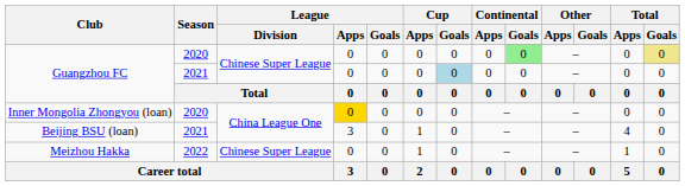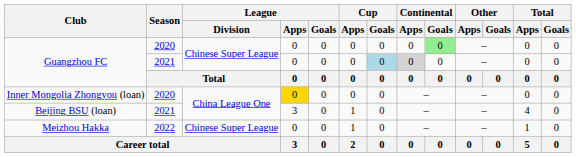 <table class="wikitable" style="text-align: center">
 <tr>
 <th rowspan="2">Club</th>
 <th rowspan="2">Season</th>
 <th colspan="3">League</th>
 <th colspan="2">Cup</th>
 <th colspan="2">Continental</th>
 <th colspan="2">Other</th>
 <th colspan="2">Total</th>
 </tr>
 <tr>
 <th>Division</th>
 <th>Apps</th>
 <th>Goals</th>
 <th>Apps</th>
 <th>Goals</th>
 <th>Apps</th>
 <th>Goals</th>
 <th>Apps</th>
 <th>Goals</th>
 <th>Apps</th>
 <th>Goals</th>
 </tr>
 <tr>
 <td rowspan="3"><a href='#'>Guangzhou FC</a></td>
 <td><a href='#'>2020</a></td>
 <td rowspan="2"><a href='#'>Chinese Super League</a></td>
 <td>0</td>
 <td>0</td>
 <td>0</td>
 <td>0</td>
 <td>0</td>
 <td style="background: lightgreen;">0</td>
 <td colspan="2">–</td>
 <td>0</td>
-<td style="background: khaki;">0</td>
+<td>0</td>
 </tr>
 <tr>
 <td><a href='#'>2021</a></td>
 <td>0</td>
 <td>0</td>
 <td>0</td>
 <td style="background: lightblue;">0</td>
-<td>0</td>
+<td style="background: lightgrey;">0</td>
 <td>0</td>
 <td colspan="2">–</td>
 <td>0</td>
 <td>0</td>
 </tr>
 <tr>
 <th colspan=2>Total</th>
 <th>0</th>
 <th>0</th>
 <th>0</th>
 <th>0</th>
 <th>0</th>
 <th>0</th>
 <th>0</th>
 <th>0</th>
 <th>0</th>
 <th>0</th>
 </tr>
 <tr>
 <td><a href='#'>Inner Mongolia Zhongyou</a> (loan)</td>
 <td><a href='#'>2020</a></td>
 <td rowspan="2"><a href='#'>China League One</a></td>
 <td style="background: gold;">0</td>
 <td>0</td>
 <td>0</td>
 <td>0</td>
 <td colspan="2">–</td>
 <td colspan="2">–</td>
 <td>0</td>
 <td>0</td>
 </tr>
 <tr>
 <td><a href='#'>Beijing BSU</a> (loan)</td>
 <td><a href='#'>2021</a></td>
 <td>3</td>
 <td>0</td>
 <td>1</td>
 <td>0</td>
 <td colspan="2">–</td>
 <td colspan="2">–</td>
 <td>4</td>
 <td>0</td>
 </tr>
 <tr>
 <td><a href='#'>Meizhou Hakka</a></td>
 <td><a href='#'>2022</a></td>
 <td><a href='#'>Chinese Super League</a></td>
 <td>0</td>
 <td>0</td>
 <td>1</td>
 <td>0</td>
 <td colspan="2">–</td>
 <td colspan="2">–</td>
 <td>1</td>
 <td>0</td>
 </tr>
 <tr>
 <th colspan="3">Career total</th>
 <th>3</th>
 <th>0</th>
 <th>2</th>
 <th>0</th>
 <th>0</th>
 <th>0</th>
 <th>0</th>
 <th>0</th>
 <th>5</th>
 <th>0</th>
 </tr>
 </table>
